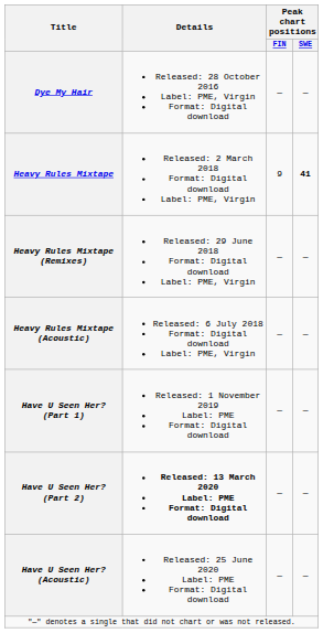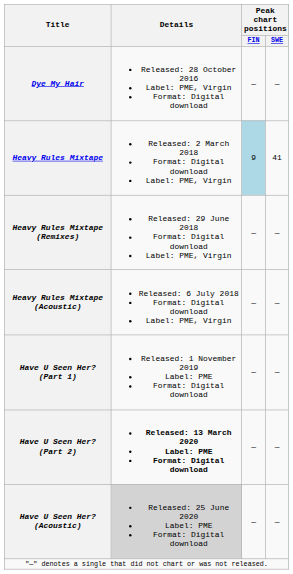 <table class="wikitable plainrowheaders" style="text-align:center;">
 <tr>
 <th scope="col" rowspan="2" style="width:13em;">Title</th>
 <th scope="col" rowspan="2" style="width:16em;">Details</th>
 <th scope="col" colspan="2">Peak chart positions</th>
 </tr>
 <tr>
 <th scope="col" style="width:3em;font-size:85%;"><a href='#'>FIN</a><br></th>
 <th scope="col" style="width:3em;font-size:85%;"><a href='#'>SWE</a><br></th>
 </tr>
 <tr>
 <th scope="row"><em><a href='#'>Dye My Hair</a></em></th>
 <td><br><ul><li>Released: 28 October 2016</li><li>Label: PME, Virgin</li><li>Format: Digital download</li></ul></td>
 <td>—</td>
 <td>—</td>
 </tr>
 <tr>
 <th scope="row"><em><a href='#'>Heavy Rules Mixtape</a></em></th>
 <td><br><ul><li>Released: 2 March 2018</li><li>Format: Digital download</li><li>Label: PME, Virgin</li></ul></td>
-<td>9</td>
-<td><strong>41</strong></td>
+<td style="background: lightblue;">9</td>
+<td>41</td>
 </tr>
 <tr>
 <th scope="row"><em>Heavy Rules Mixtape (Remixes)</em></th>
 <td><br><ul><li>Released: 29 June 2018</li><li>Format: Digital download</li><li>Label: PME, Virgin</li></ul></td>
 <td>—</td>
 <td>—</td>
 </tr>
 <tr>
 <th scope="row"><em>Heavy Rules Mixtape (Acoustic)</em></th>
 <td><br><ul><li>Released: 6 July 2018</li><li>Format: Digital download</li><li>Label: PME, Virgin</li></ul></td>
 <td>—</td>
 <td>—</td>
 </tr>
 <tr>
 <th scope="row"><em>Have U Seen Her? (Part 1)</em></th>
 <td><br><ul><li>Released: 1 November 2019</li><li>Label: PME</li><li>Format: Digital download</li></ul></td>
 <td>—</td>
 <td>—</td>
 </tr>
 <tr>
 <th scope="row"><em>Have U Seen Her? (Part 2)</em></th>
 <td><strong><br><ul><li>Released: 13 March 2020</li><li>Label: PME</li><li>Format: Digital download</li></ul></strong></td>
 <td>—</td>
 <td>—</td>
 </tr>
 <tr>
 <th scope="row"><em>Have U Seen Her? (Acoustic)</em></th>
-<td><br><ul><li>Released: 25 June 2020</li><li>Label: PME</li><li>Format: Digital download</li></ul></td>
+<td style="background: lightgrey;"><br><ul><li>Released: 25 June 2020</li><li>Label: PME</li><li>Format: Digital download</li></ul></td>
 <td>—</td>
 <td>—</td>
 </tr>
 <tr>
 <td style="font-size:85%;" colspan="22">"—" denotes a single that did not chart or was not released.</td>
 </tr>
 </table>
